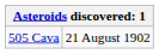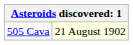 <table class="wikitable" align="right" style="margin: 1em; margin-top: 0;">
 <tr>
 <th colspan="2" style="white-space: nowrap;"><a href='#'>Asteroids</a> discovered: 1</th>
 </tr>
 <tr>
 <td><a href='#'>505 Cava</a></td>
-<td>21 August 1902</td>
+<td style="background: lightyellow;">21 August 1902</td>
 </tr>
 </table>
